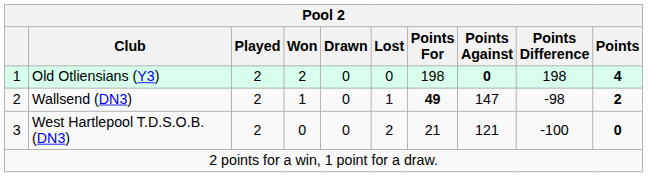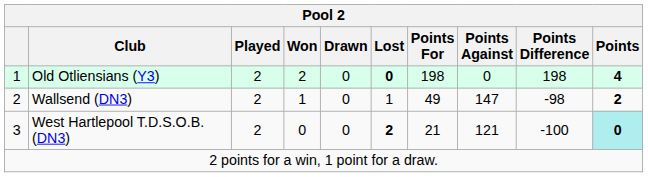 <table class="wikitable" style="text-align: center;">
 <tr>
 <th colspan=15><strong>Pool 2</strong></th>
 </tr>
 <tr>
 <th bgcolor="#efefef" width="20"></th>
 <th bgcolor="#efefef" width="220">Club</th>
 <th bgcolor="#efefef" width="20">Played</th>
 <th bgcolor="#efefef" width="20">Won</th>
 <th bgcolor="#efefef" width="20">Drawn</th>
 <th bgcolor="#efefef" width="20">Lost</th>
 <th bgcolor="#efefef" width="20">Points For</th>
 <th bgcolor="#efefef" width="20">Points Against</th>
 <th bgcolor="#efefef" width="20">Points Difference</th>
 <th bgcolor="#efefef" width="20">Points</th>
 </tr>
 <tr bgcolor=#d8ffeb align=center>
 <td>1</td>
 <td style="text-align:left;">Old Otliensians (<a href='#'>Y3</a>)</td>
 <td>2</td>
 <td>2</td>
 <td>0</td>
+<td><strong>0</strong></td>
+<td>198</td>
 <td>0</td>
-<td>198</td>
-<td><strong>0</strong></td>
 <td>198</td>
 <td><strong>4</strong></td>
 </tr>
 <tr>
 <td>2</td>
 <td style="text-align:left;">Wallsend (<a href='#'>DN3</a>)</td>
 <td>2</td>
 <td>1</td>
 <td>0</td>
 <td>1</td>
-<td><strong>49</strong></td>
+<td>49</td>
 <td>147</td>
 <td>-98</td>
 <td><strong>2</strong></td>
 </tr>
 <tr>
 <td>3</td>
 <td style="text-align:left;">West Hartlepool T.D.S.O.B. (<a href='#'>DN3</a>)</td>
 <td>2</td>
 <td>0</td>
 <td>0</td>
-<td>2</td>
+<td><strong>2</strong></td>
 <td>21</td>
 <td>121</td>
 <td>-100</td>
-<td><strong>0</strong></td>
+<td style="background: paleturquoise;"><strong>0</strong></td>
 </tr>
 <tr>
 <td colspan=15>2 points for a win, 1 point for a draw.</td>
 </tr>
 </table>
